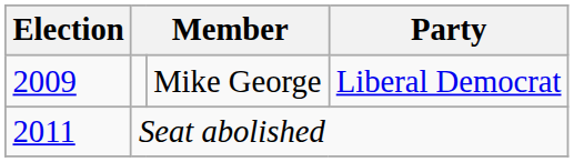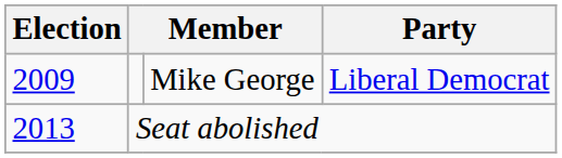 <table class="wikitable">
 <tr>
 <th>Election</th>
 <th colspan="2">Member</th>
 <th>Party</th>
 </tr>
 <tr>
 <td><a href='#'>2009</a></td>
 <td rowspan="1" style="background-color: "></td>
 <td rowspan="1">Mike George</td>
 <td rowspan="1"><a href='#'>Liberal Democrat</a></td>
 </tr>
 <tr>
-<td><a href='#'>2011</a></td>
+<td><a href='#'>2013</a></td>
 <td colspan="3"><em>Seat abolished</em></td>
 </tr>
 </table>
